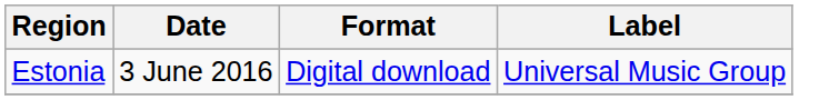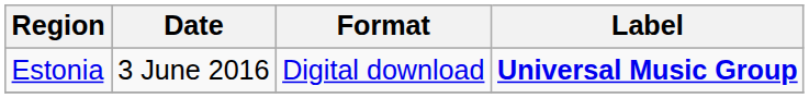 <table class=wikitable>
 <tr>
 <th>Region</th>
 <th>Date</th>
 <th>Format</th>
 <th>Label</th>
 </tr>
 <tr>
 <td><a href='#'>Estonia</a></td>
 <td>3 June 2016</td>
 <td><a href='#'>Digital download</a></td>
-<td><a href='#'>Universal Music Group</a></td>
+<td><strong><a href='#'>Universal Music Group</a></strong></td>
 </tr>
 <tr>
 </tr>
 </table>
